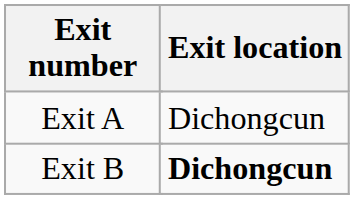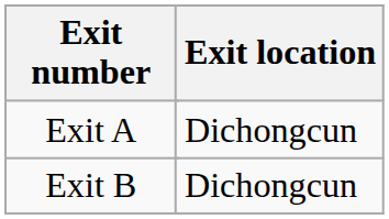 <table class="wikitable">
 <tr>
 <th style="width:70px" colspan="2">Exit number</th>
 <th>Exit location</th>
 </tr>
 <tr>
 <td align="center" colspan="2">Exit A</td>
 <td>Dichongcun</td>
 </tr>
 <tr>
 <td align="center" colspan="2">Exit B</td>
-<td><strong>Dichongcun</strong></td>
+<td>Dichongcun</td>
 </tr>
 </table>
